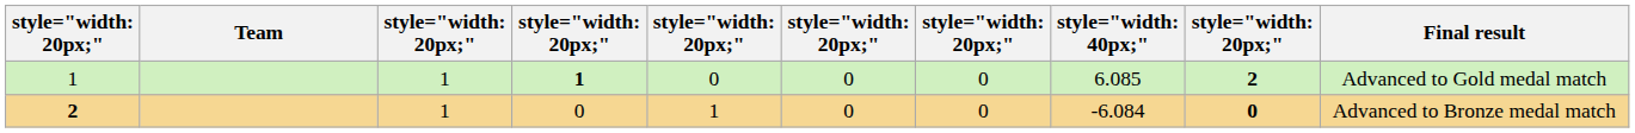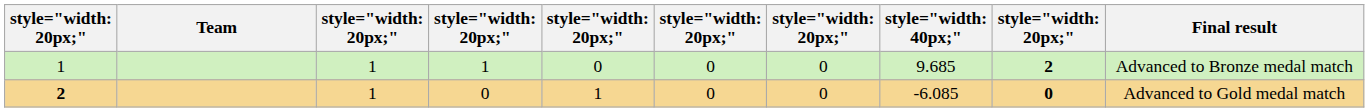 <table class="wikitable" border="1" style="text-align: center;">
 <tr>
 <th>style="width: 20px;"</th>
 <th style="width: 175px;">Team</th>
 <th>style="width: 20px;"</th>
 <th>style="width: 20px;"</th>
 <th>style="width: 20px;"</th>
 <th>style="width: 20px;"</th>
 <th>style="width: 20px;"</th>
 <th>style="width: 40px;"</th>
 <th>style="width: 20px;"</th>
 <th style="width: 230px;">Final result</th>
 </tr>
 <tr style="background:#D0F0C0;">
 <td>1</td>
 <td style="text-align:left"></td>
 <td>1</td>
-<td><strong>1</strong></td>
+<td>1</td>
 <td>0</td>
 <td>0</td>
 <td>0</td>
-<td>6.085</td>
+<td>9.685</td>
 <td><strong>2</strong></td>
-<td>Advanced to Gold medal match</td>
+<td>Advanced to Bronze medal match</td>
 </tr>
 <tr style="background:#F6D792;">
 <td><strong>2</strong></td>
 <td align=left></td>
 <td>1</td>
 <td>0</td>
 <td>1</td>
 <td>0</td>
 <td>0</td>
-<td>-6.084</td>
+<td>-6.085</td>
 <td><strong>0</strong></td>
-<td>Advanced to Bronze medal match</td>
+<td>Advanced to Gold medal match</td>
 </tr>
 </table>
